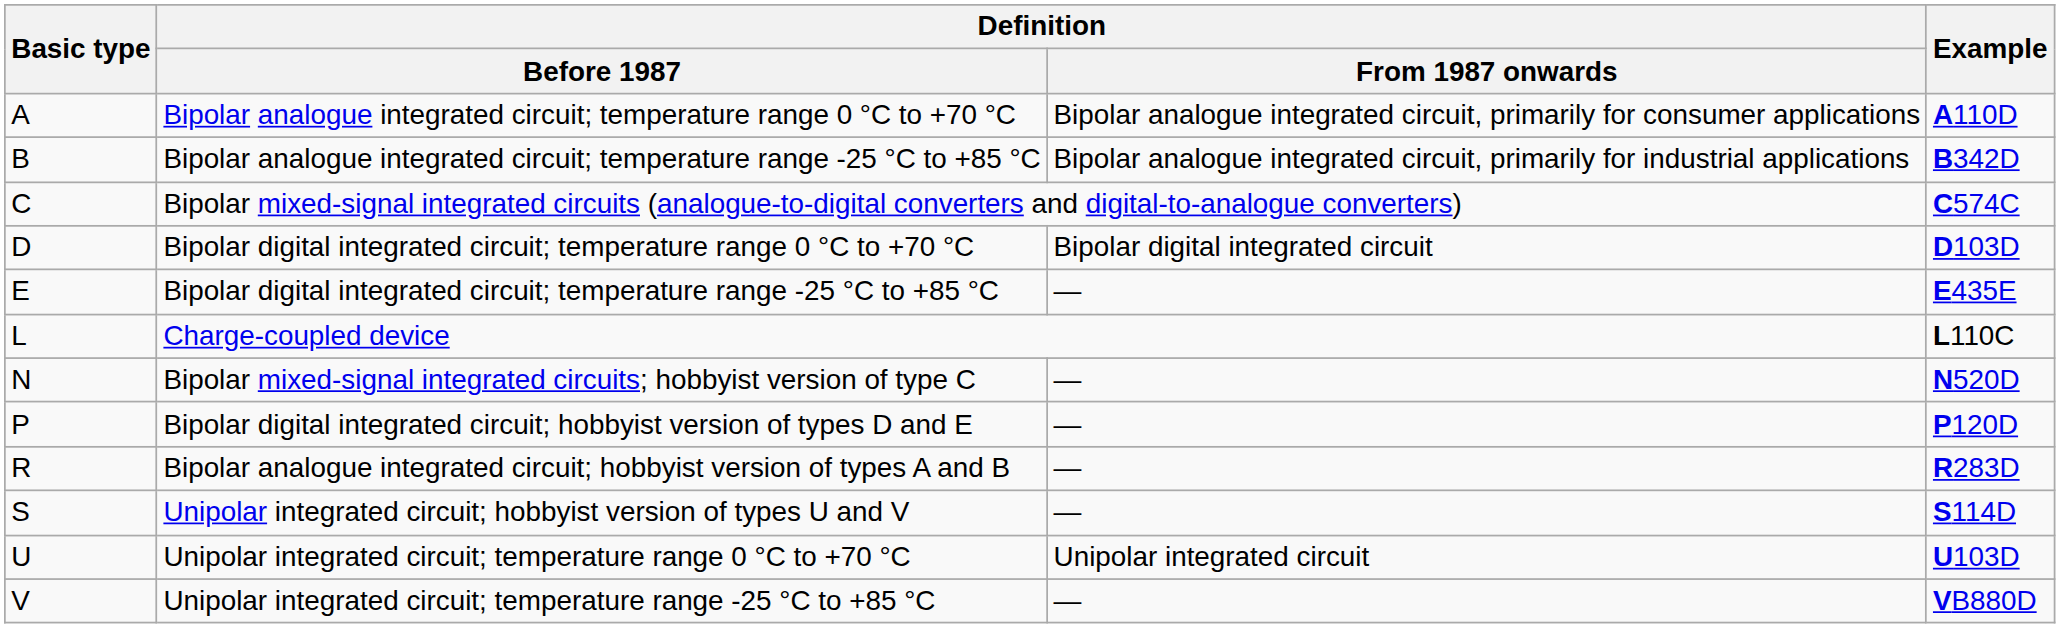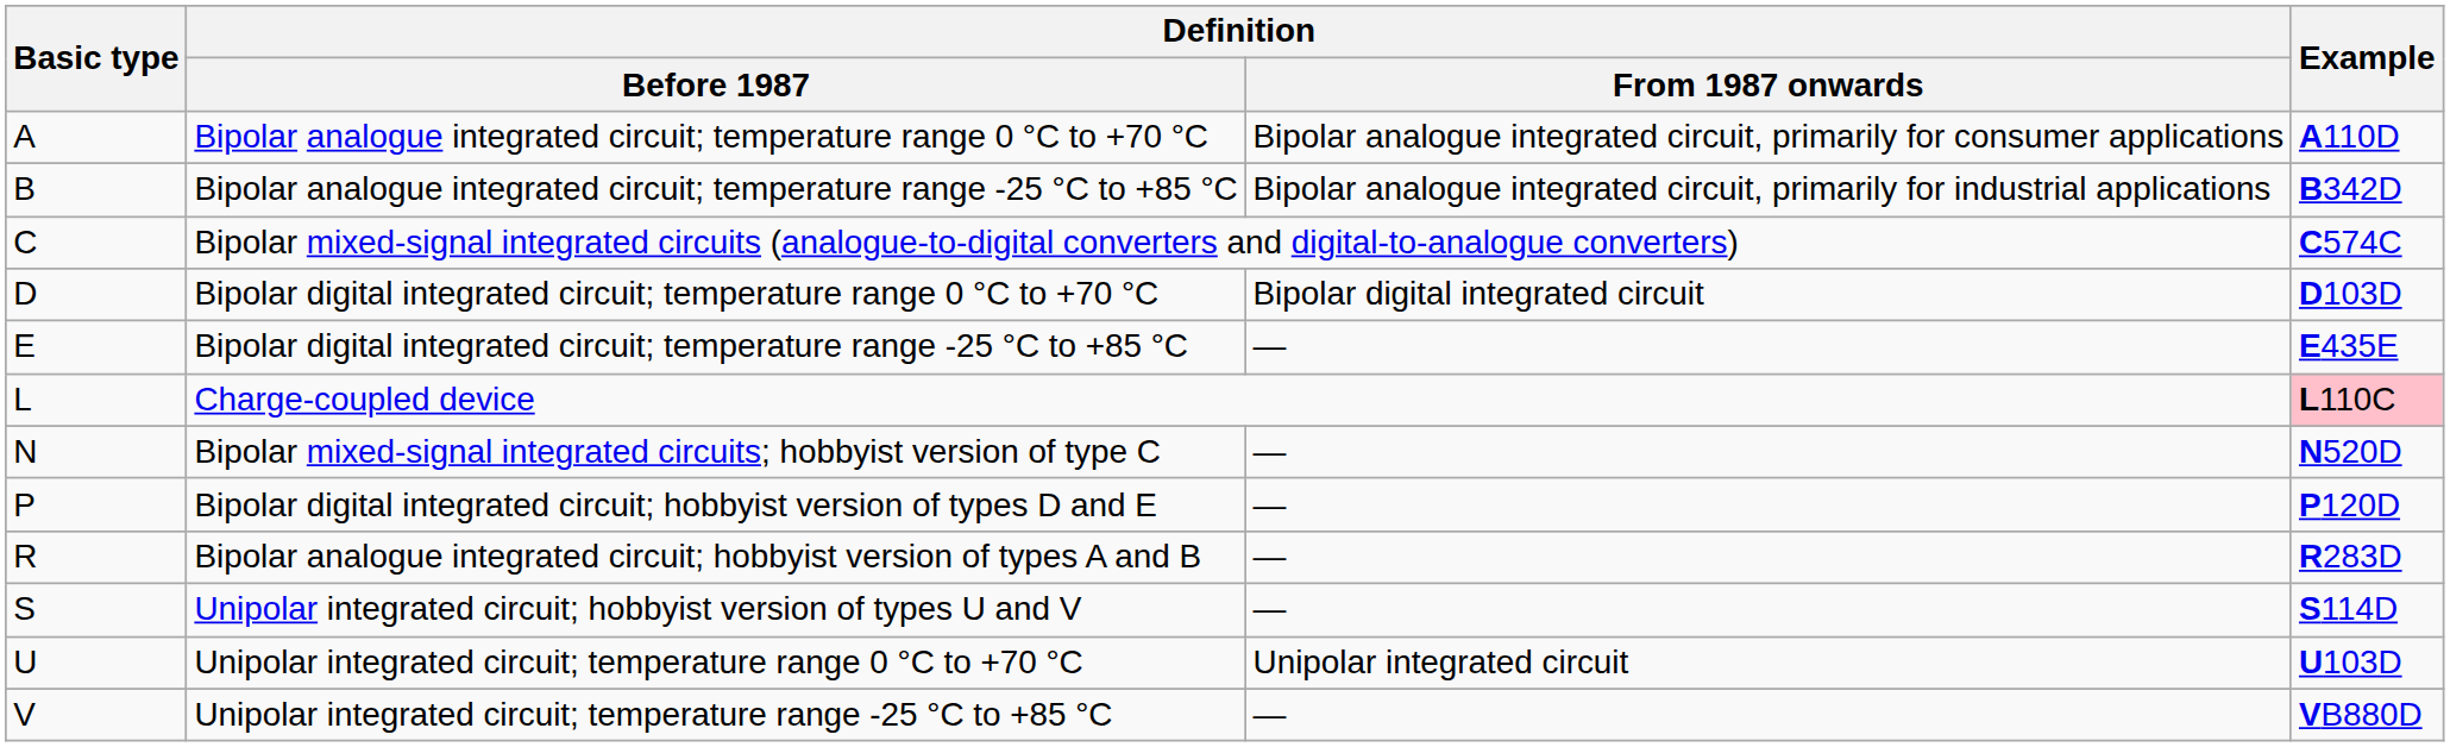 <table class="wikitable">
 <tr>
 <th rowspan="2">Basic type</th>
 <th colspan="2">Definition</th>
 <th rowspan="2">Example</th>
 </tr>
 <tr>
 <th>Before 1987</th>
 <th>From 1987 onwards</th>
 </tr>
 <tr>
 <td>A</td>
 <td><a href='#'>Bipolar</a> <a href='#'>analogue</a> integrated circuit; temperature range 0 °C to +70 °C</td>
 <td>Bipolar analogue integrated circuit, primarily for consumer applications</td>
 <td><a href='#'><strong>A</strong>110D</a></td>
 </tr>
 <tr>
 <td>B</td>
 <td>Bipolar analogue integrated circuit; temperature range -25 °C to +85 °C</td>
 <td>Bipolar analogue integrated circuit, primarily for industrial applications</td>
 <td><a href='#'><strong>B</strong>342D</a></td>
 </tr>
 <tr>
 <td>C</td>
 <td colspan="2">Bipolar <a href='#'>mixed-signal integrated circuits</a> (<a href='#'>analogue-to-digital converters</a> and <a href='#'>digital-to-analogue converters</a>)</td>
 <td><a href='#'><strong>C</strong>574C</a></td>
 </tr>
 <tr>
 <td>D</td>
 <td>Bipolar digital integrated circuit; temperature range 0 °C to +70 °C</td>
 <td>Bipolar digital integrated circuit</td>
 <td><a href='#'><strong>D</strong>103D</a></td>
 </tr>
 <tr>
 <td>E</td>
 <td>Bipolar digital integrated circuit; temperature range -25 °C to +85 °C</td>
 <td>—</td>
 <td><a href='#'><strong>E</strong>435E</a></td>
 </tr>
 <tr>
 <td>L</td>
 <td colspan=2><a href='#'>Charge-coupled device</a></td>
-<td><strong>L</strong>110C</td>
+<td style="background: pink;"><strong>L</strong>110C</td>
 </tr>
 <tr>
 <td>N</td>
 <td>Bipolar <a href='#'>mixed-signal integrated circuits</a>; hobbyist version of type C</td>
 <td>—</td>
 <td><a href='#'><strong>N</strong>520D</a></td>
 </tr>
 <tr>
 <td>P</td>
 <td>Bipolar digital integrated circuit; hobbyist version of types D and E</td>
 <td>—</td>
 <td><a href='#'><strong>P</strong>120D</a></td>
 </tr>
 <tr>
 <td>R</td>
 <td>Bipolar analogue integrated circuit; hobbyist version of types A and B</td>
 <td>—</td>
 <td><a href='#'><strong>R</strong>283D</a></td>
 </tr>
 <tr>
 <td>S</td>
 <td><a href='#'>Unipolar</a> integrated circuit; hobbyist version of types U and V</td>
 <td>—</td>
 <td><a href='#'><strong>S</strong>114D</a></td>
 </tr>
 <tr>
 <td>U</td>
 <td>Unipolar integrated circuit; temperature range 0 °C to +70 °C</td>
 <td>Unipolar integrated circuit</td>
 <td><a href='#'><strong>U</strong>103D</a></td>
 </tr>
 <tr>
 <td>V</td>
 <td>Unipolar integrated circuit; temperature range -25 °C to +85 °C</td>
 <td>—</td>
 <td><a href='#'><strong>V</strong>B880D</a></td>
 </tr>
 </table>
